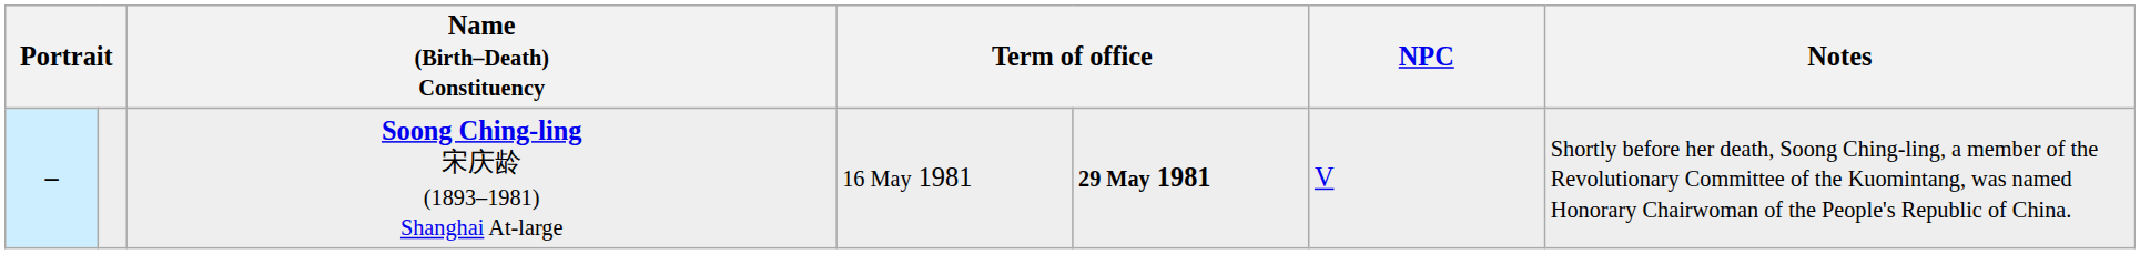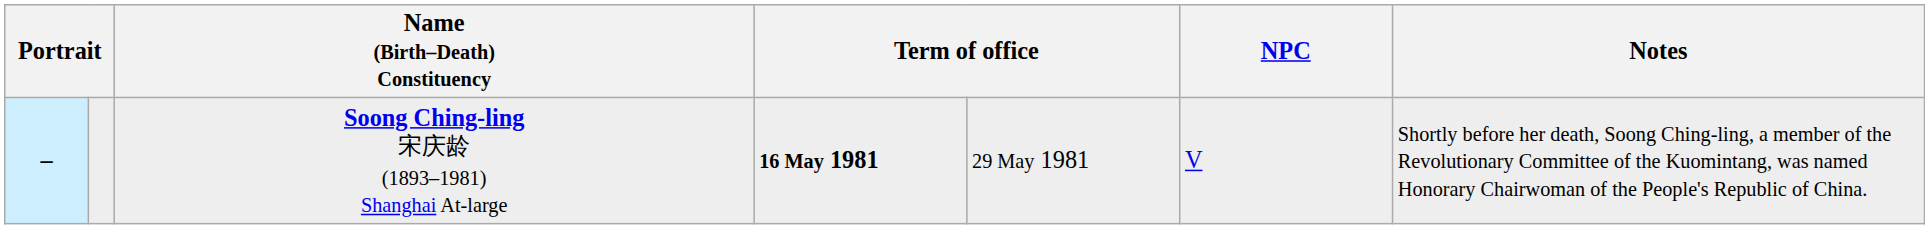 <table class="wikitable" width=100%>
 <tr>
 <th colspan="2" width=5%>Portrait</th>
 <th width=30%>Name<br><small>(Birth–Death)<br>Constituency</small></th>
 <th colspan="2" width=30%>Term of office</th>
 <th width=10%><a href='#'>NPC</a></th>
 <th width=25%>Notes</th>
 </tr>
 <tr bgcolor=#EEEEEE>
 <th style="background-color: #CCEEFF" width=20>–</th>
 <td></td>
 <td align="center"><strong><a href='#'>Soong Ching-ling</a></strong><br><span>宋庆龄</span><small><br>(1893–1981)<br><a href='#'>Shanghai</a> At-large</small></td>
-<td width=10%><small>16 May</small> 1981</td>
-<td width=10%><strong><small>29 May</small> 1981</strong></td>
+<td width=10%><strong><small>16 May</small> 1981</strong></td>
+<td width=10%><small>29 May</small> 1981</td>
 <td><a href='#'>V</a></td>
 <td><small>Shortly before her death, Soong Ching-ling, a member of the Revolutionary Committee of the Kuomintang, was named Honorary Chairwoman of the People's Republic of China.</small></td>
 </tr>
 </table>
